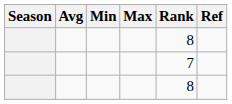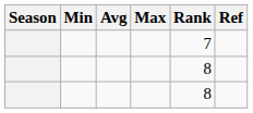 <table class="wikitable plainrowheaders sortable">
 <tr>
 <th scope=col>Season</th>
+<th scope=col>Min</th>
 <th scope=col>Avg</th>
-<th scope=col>Min</th>
 <th scope=col>Max</th>
 <th scope=col>Rank</th>
 <th scope=col class="unsortable">Ref</th>
-</tr>
-<tr>
-<th scope=row align=right></th>
-<td align=right></td>
-<td align=right></td>
-<td align=right></td>
-<td align=right>8</td>
-<td align=center></td>
 </tr>
 <tr>
 <th scope=row align=right></th>
 <td align=right></td>
 <td align=right></td>
 <td align=right></td>
 <td align=right>7</td>
 <td align=center></td>
 </tr>
 <tr>
 <th scope=row align=right></th>
 <td align=right></td>
 <td align=right></td>
 <td align=right></td>
 <td align=right>8</td>
 <td align=center></td>
 </tr>
+<tr>
+<th scope=row align=right></th>
+<td align=right></td>
+<td align=right></td>
+<td align=right></td>
+<td align=right>8</td>
+<td align=center></td>
+</tr>
 </table>
